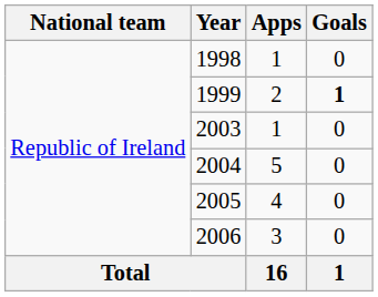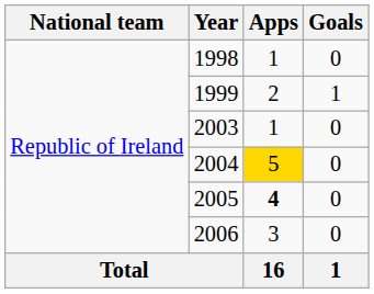 <table class="wikitable" style="text-align:center">
 <tr>
 <th>National team</th>
 <th>Year</th>
 <th>Apps</th>
 <th>Goals</th>
 </tr>
 <tr>
 <td rowspan="6"><a href='#'>Republic of Ireland</a></td>
 <td>1998</td>
 <td>1</td>
 <td>0</td>
 </tr>
 <tr>
 <td>1999</td>
 <td>2</td>
-<td><strong>1</strong></td>
+<td>1</td>
 </tr>
 <tr>
 <td>2003</td>
 <td>1</td>
 <td>0</td>
 </tr>
 <tr>
 <td>2004</td>
-<td>5</td>
+<td style="background: gold;">5</td>
 <td>0</td>
 </tr>
 <tr>
 <td>2005</td>
-<td>4</td>
+<td><strong>4</strong></td>
 <td>0</td>
 </tr>
 <tr>
 <td>2006</td>
 <td>3</td>
 <td>0</td>
 </tr>
 <tr>
 <th colspan="2">Total</th>
 <th>16</th>
 <th>1</th>
 </tr>
 </table>
